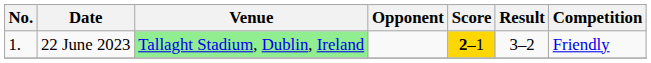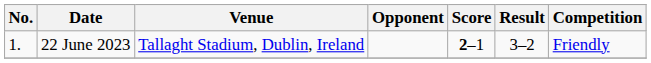 <table class="wikitable">
 <tr>
 <th>No.</th>
 <th>Date</th>
 <th>Venue</th>
 <th>Opponent</th>
 <th>Score</th>
 <th>Result</th>
 <th>Competition</th>
 </tr>
 <tr>
 <td>1.</td>
 <td>22 June 2023</td>
-<td style="background: lightgreen;"><a href='#'>Tallaght Stadium</a>, <a href='#'>Dublin</a>, <a href='#'>Ireland</a></td>
+<td><a href='#'>Tallaght Stadium</a>, <a href='#'>Dublin</a>, <a href='#'>Ireland</a></td>
 <td></td>
-<td align=center style="background: gold;"><strong>2</strong>–1</td>
+<td align=center><strong>2</strong>–1</td>
 <td align=center>3–2</td>
 <td><a href='#'>Friendly</a></td>
 </tr>
 <tr>
 </tr>
 </table>
